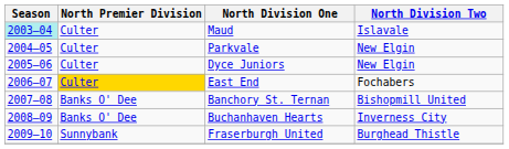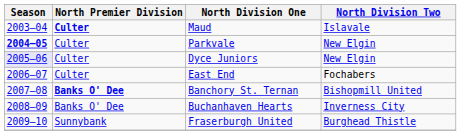 <table class="wikitable">
 <tr>
 <th width=60>Season</th>
 <th width=190>North Premier Division</th>
 <th width=190>North Division One</th>
 <th width=190><a href='#'>North Division Two</a></th>
 </tr>
 <tr>
-<td style="background: paleturquoise; text-align:left;"><a href='#'>2003–04</a></td>
-<td><a href='#'>Culter</a></td>
+<td style="text-align:left;"><a href='#'>2003–04</a></td>
+<td><strong><a href='#'>Culter</a></strong></td>
 <td><a href='#'>Maud</a></td>
 <td><a href='#'>Islavale</a></td>
 </tr>
 <tr>
-<td style="text-align:left;"><a href='#'>2004–05</a></td>
+<td style="text-align:left;"><strong><a href='#'>2004–05</a></strong></td>
 <td><a href='#'>Culter</a></td>
 <td><a href='#'>Parkvale</a></td>
 <td><a href='#'>New Elgin</a></td>
 </tr>
 <tr>
-<td style="text-align:left;"><a href='#'>2005–06</a></td>
+<td style="background: lavender; text-align:left;"><a href='#'>2005–06</a></td>
 <td><a href='#'>Culter</a></td>
 <td><a href='#'>Dyce Juniors</a></td>
 <td><a href='#'>New Elgin</a></td>
 </tr>
 <tr>
 <td style="text-align:left;"><a href='#'>2006–07</a></td>
-<td style="background: gold;"><a href='#'>Culter</a></td>
+<td><a href='#'>Culter</a></td>
 <td><a href='#'>East End</a></td>
 <td>Fochabers</td>
 </tr>
 <tr>
 <td style="text-align:left;"><a href='#'>2007–08</a></td>
-<td><a href='#'>Banks O' Dee</a></td>
+<td><strong><a href='#'>Banks O' Dee</a></strong></td>
 <td><a href='#'>Banchory St. Ternan</a></td>
 <td><a href='#'>Bishopmill United</a></td>
 </tr>
 <tr>
 <td style="text-align:left;"><a href='#'>2008–09</a></td>
 <td><a href='#'>Banks O' Dee</a></td>
 <td><a href='#'>Buchanhaven Hearts</a></td>
 <td><a href='#'>Inverness City</a></td>
 </tr>
 <tr>
 <td style="text-align:left;"><a href='#'>2009–10</a></td>
 <td><a href='#'>Sunnybank</a></td>
 <td><a href='#'>Fraserburgh United</a></td>
 <td><a href='#'>Burghead Thistle</a></td>
 </tr>
 <tr>
 </tr>
 </table>
